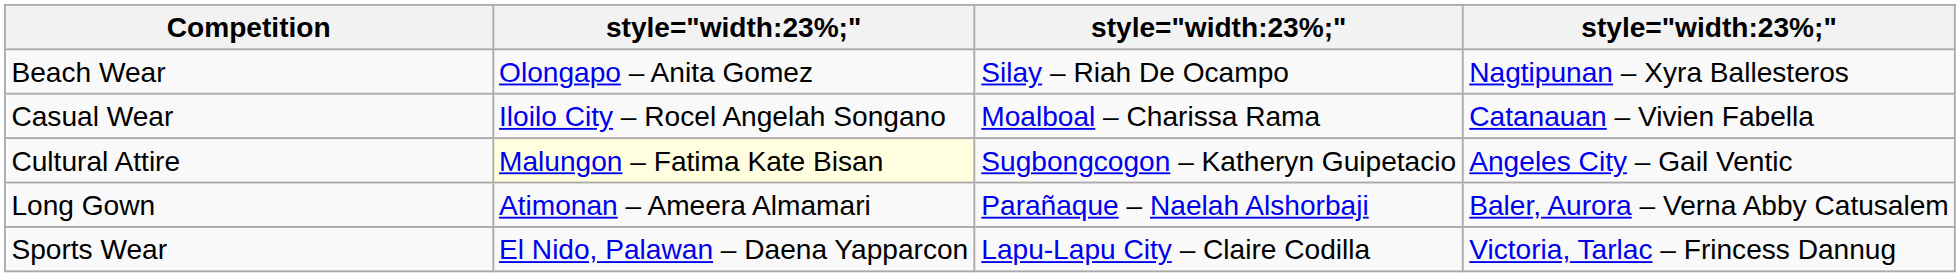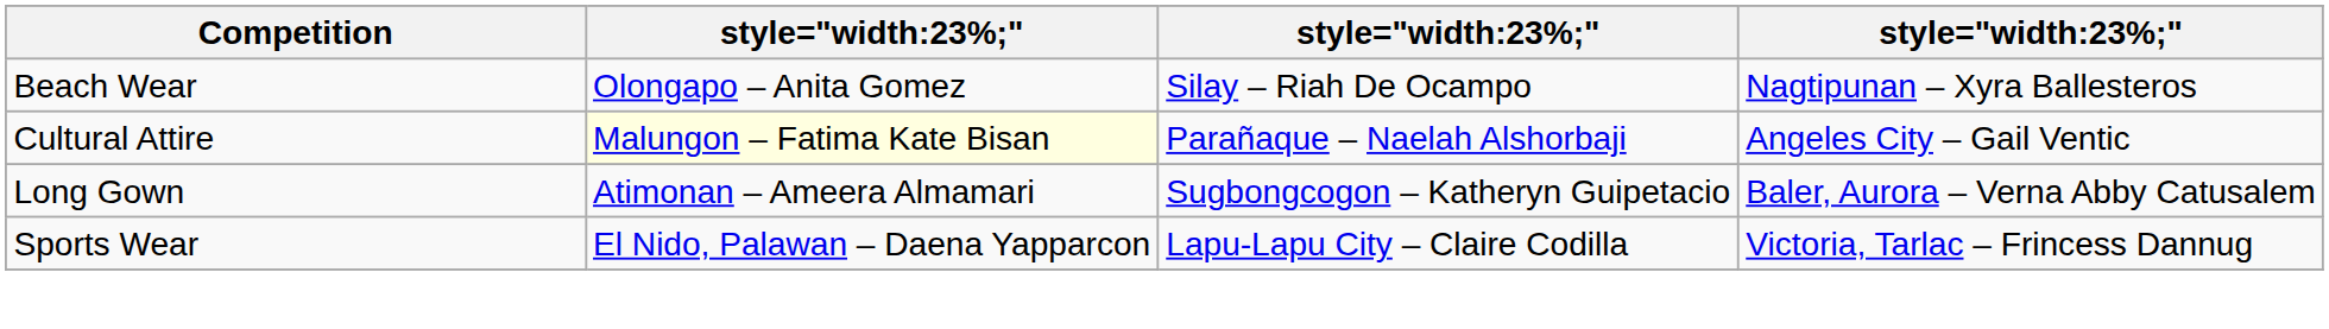 <table class="wikitable sortable" style="font-size:95%;">
 <tr>
 <th style="width:25%;">Competition</th>
 <th>style="width:23%;" </th>
 <th>style="width:23%;" </th>
 <th>style="width:23%;" </th>
 </tr>
 <tr>
 <td>Beach Wear</td>
 <td><a href='#'>Olongapo</a> – Anita Gomez</td>
 <td><a href='#'>Silay</a> – Riah De Ocampo</td>
 <td><a href='#'>Nagtipunan</a> – Xyra Ballesteros</td>
 </tr>
 <tr>
-<td>Casual Wear</td>
-<td><a href='#'>Iloilo City</a> – Rocel Angelah Songano</td>
-<td><a href='#'>Moalboal</a> – Charissa Rama</td>
-<td><a href='#'>Catanauan</a> – Vivien Fabella</td>
-</tr>
-<tr>
 <td>Cultural Attire</td>
 <td style="background: lightyellow;"><a href='#'>Malungon</a> – Fatima Kate Bisan</td>
-<td><a href='#'>Sugbongcogon</a> – Katheryn Guipetacio</td>
+<td><a href='#'>Parañaque</a> – <a href='#'>Naelah Alshorbaji</a></td>
 <td><a href='#'>Angeles City</a> – Gail Ventic</td>
 </tr>
 <tr>
 <td>Long Gown</td>
 <td><a href='#'>Atimonan</a> – Ameera Almamari</td>
-<td><a href='#'>Parañaque</a> – <a href='#'>Naelah Alshorbaji</a></td>
+<td><a href='#'>Sugbongcogon</a> – Katheryn Guipetacio</td>
 <td><a href='#'>Baler, Aurora</a> – Verna Abby Catusalem</td>
 </tr>
 <tr>
 <td>Sports Wear</td>
 <td><a href='#'>El Nido, Palawan</a> – Daena Yapparcon</td>
 <td><a href='#'>Lapu-Lapu City</a> – Claire Codilla</td>
 <td><a href='#'>Victoria, Tarlac</a> – Frincess Dannug</td>
 </tr>
 </table>
